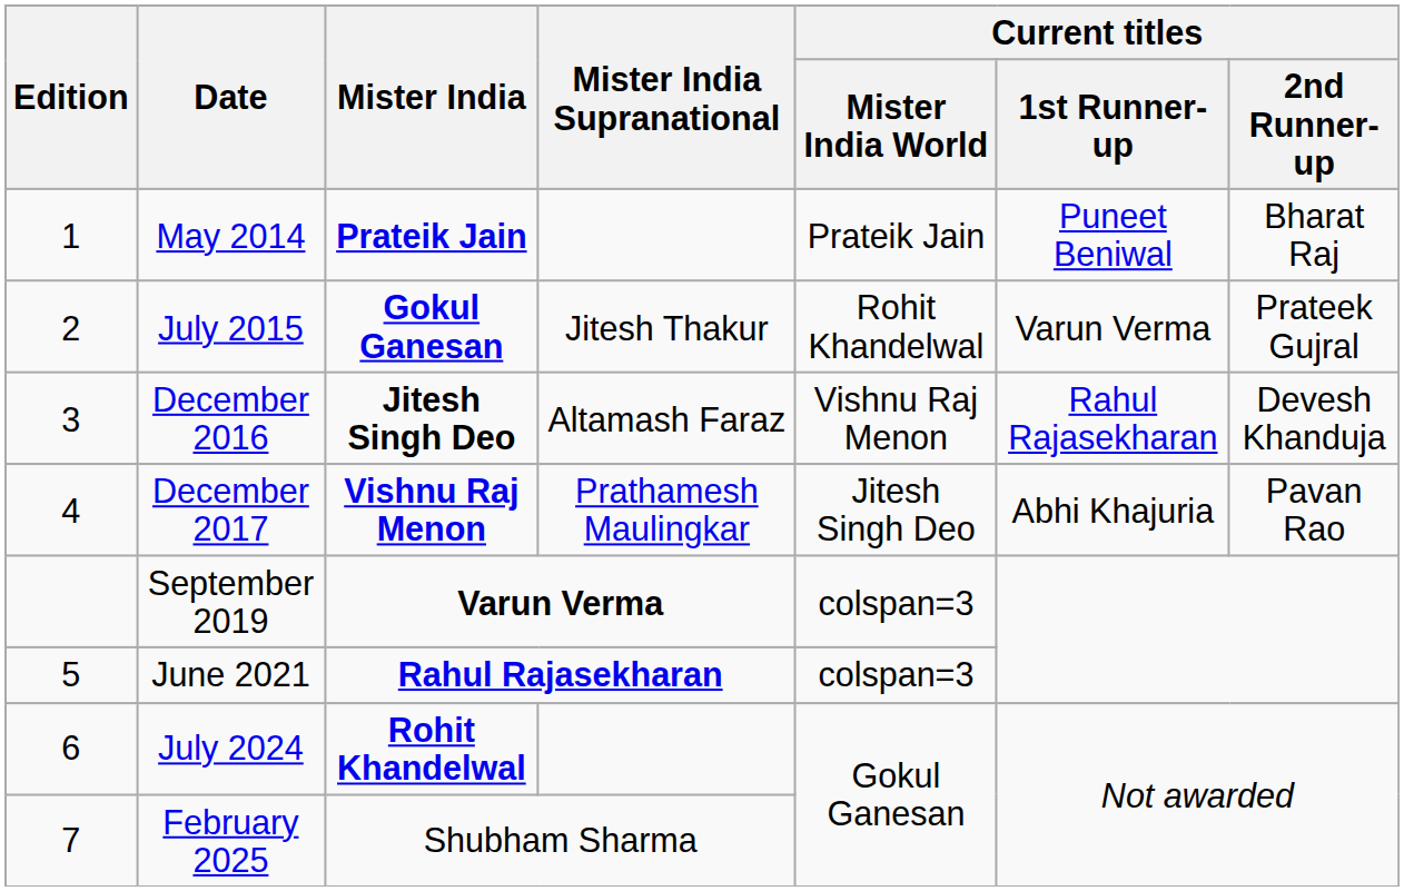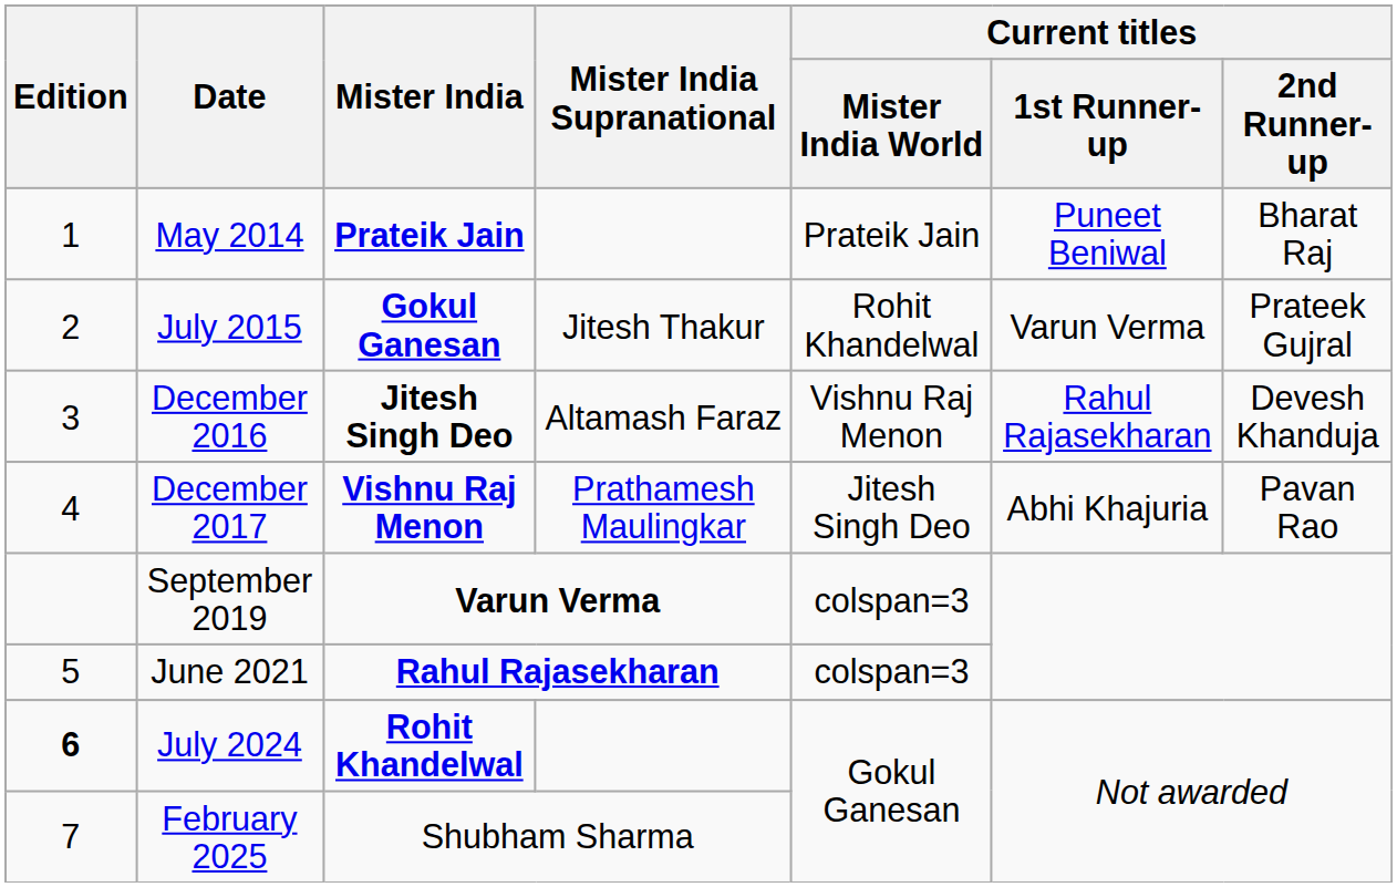 <table class="wikitable" style="text-align:center;font-size:95%; width:100%;">
 <tr>
 <th rowspan="2">Edition</th>
 <th rowspan="2">Date</th>
 <th rowspan="2">Mister India</th>
 <th rowspan="2">Mister India Supranational</th>
 <th colspan="3">Current titles</th>
 </tr>
 <tr>
 <th>Mister India World</th>
 <th>1st Runner-up</th>
 <th>2nd Runner-up</th>
 </tr>
 <tr>
 <td>1</td>
 <td><a href='#'>May 2014</a></td>
 <td><strong><a href='#'>Prateik Jain</a></strong></td>
 <td></td>
 <td>Prateik Jain</td>
 <td><a href='#'>Puneet Beniwal</a></td>
 <td>Bharat Raj</td>
 </tr>
 <tr>
 <td>2</td>
 <td><a href='#'>July 2015</a></td>
 <td><strong><a href='#'>Gokul Ganesan</a></strong></td>
 <td>Jitesh Thakur</td>
 <td>Rohit Khandelwal</td>
 <td>Varun Verma</td>
 <td>Prateek Gujral</td>
 </tr>
 <tr>
 <td>3</td>
 <td><a href='#'>December 2016</a></td>
 <td><strong>Jitesh Singh Deo</strong></td>
 <td>Altamash Faraz</td>
 <td>Vishnu Raj Menon</td>
 <td><a href='#'>Rahul Rajasekharan</a></td>
 <td>Devesh Khanduja</td>
 </tr>
 <tr>
 <td>4</td>
 <td><a href='#'>December 2017</a></td>
 <td><strong><a href='#'>Vishnu Raj Menon</a></strong></td>
 <td><a href='#'>Prathamesh Maulingkar</a></td>
 <td>Jitesh Singh Deo</td>
 <td>Abhi Khajuria</td>
 <td>Pavan Rao</td>
 </tr>
 <tr>
 <td></td>
 <td>September 2019</td>
 <td colspan="2"><strong>Varun Verma</strong></td>
 <td>colspan=3 </td>
 </tr>
 <tr>
 <td>5</td>
 <td>June 2021</td>
 <td colspan="2"><strong><a href='#'>Rahul Rajasekharan</a></strong></td>
 <td>colspan=3 </td>
 </tr>
 <tr>
-<td>6</td>
+<td><strong>6</strong></td>
 <td><a href='#'>July 2024</a></td>
 <td><strong><a href='#'>Rohit Khandelwal</a></strong></td>
 <td></td>
 <td rowspan="2">Gokul Ganesan</td>
 <td colspan="2" rowspan=2><em>Not awarded</em></td>
 </tr>
 <tr>
 <td>7</td>
 <td><a href='#'>February 2025</a></td>
 <td colspan="2">Shubham Sharma</td>
 </tr>
 </table>
